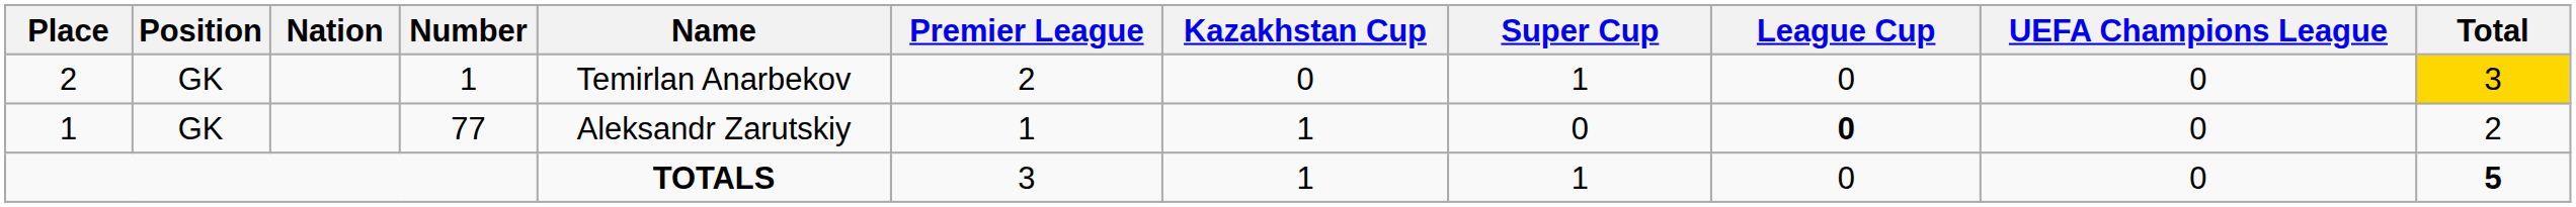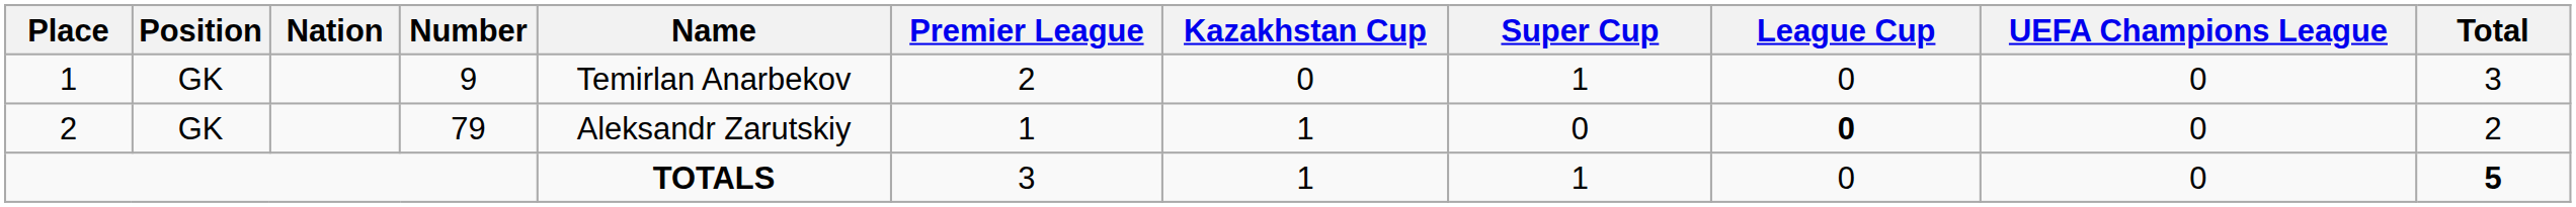 <table class="wikitable" style="font-size: 95%; text-align: center;">
 <tr>
 <th width=60>Place</th>
 <th width=60>Position</th>
 <th width=60>Nation</th>
 <th width=60>Number</th>
 <th width=200>Name</th>
 <th width=150><a href='#'>Premier League</a></th>
 <th width=150><a href='#'>Kazakhstan Cup</a></th>
 <th width=150><a href='#'>Super Cup</a></th>
 <th width=150><a href='#'>League Cup</a></th>
 <th width=250><a href='#'>UEFA Champions League</a></th>
 <th width=80>Total</th>
 </tr>
 <tr>
-<td>2</td>
+<td>1</td>
 <td>GK</td>
 <td></td>
-<td>1</td>
+<td>9</td>
 <td>Temirlan Anarbekov</td>
 <td>2</td>
 <td>0</td>
 <td>1</td>
 <td>0</td>
 <td>0</td>
-<td style="background: gold;">3</td>
+<td>3</td>
 </tr>
 <tr>
-<td>1</td>
+<td>2</td>
 <td>GK</td>
 <td></td>
-<td>77</td>
+<td>79</td>
 <td>Aleksandr Zarutskiy</td>
 <td>1</td>
 <td>1</td>
 <td>0</td>
 <td><strong>0</strong></td>
 <td>0</td>
 <td>2</td>
 </tr>
 <tr>
 <td colspan="4"></td>
 <td><strong>TOTALS</strong></td>
 <td>3</td>
 <td>1</td>
 <td>1</td>
 <td>0</td>
 <td>0</td>
 <td><strong>5</strong></td>
 </tr>
 </table>
